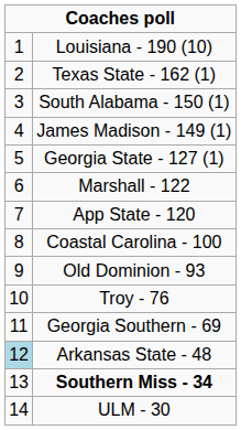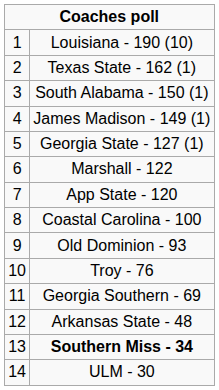 <table class="wikitable" style="display: inline-table;">
 <tr>
 <td align="center" Colspan="3"><strong>Coaches poll</strong></td>
 </tr>
 <tr align="center">
 </tr>
 <tr align="center">
 <td>1</td>
 <td>Louisiana - 190 (10)</td>
 </tr>
 <tr align="center">
 <td>2</td>
 <td>Texas State - 162 (1)</td>
 </tr>
 <tr align="center">
 <td>3</td>
 <td>South Alabama - 150 (1)</td>
 </tr>
 <tr align="center">
 <td>4</td>
 <td>James Madison - 149 (1)</td>
 </tr>
 <tr align="center">
 <td>5</td>
 <td>Georgia State - 127 (1)</td>
 </tr>
 <tr align="center">
 <td>6</td>
 <td>Marshall - 122</td>
 </tr>
 <tr align="center">
 <td>7</td>
 <td>App State - 120</td>
 </tr>
 <tr align="center">
 <td>8</td>
 <td>Coastal Carolina - 100</td>
 </tr>
 <tr align="center">
 <td>9</td>
 <td>Old Dominion - 93</td>
 </tr>
 <tr align="center">
 <td>10</td>
 <td>Troy - 76</td>
 </tr>
 <tr align="center">
 <td>11</td>
 <td>Georgia Southern - 69</td>
 </tr>
 <tr align="center">
-<td style="background: lightblue;">12</td>
+<td>12</td>
 <td>Arkansas State - 48</td>
 </tr>
 <tr align="center">
 <td>13</td>
 <td><strong>Southern Miss - 34</strong></td>
 </tr>
 <tr align="center">
 <td>14</td>
 <td>ULM - 30</td>
 </tr>
 </table>
